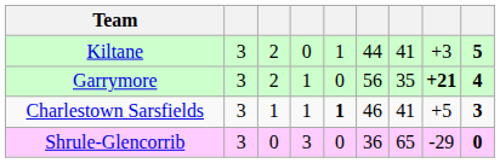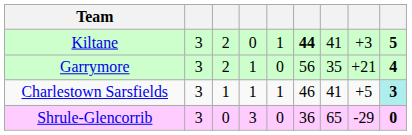 <table class="wikitable" style="text-align:center">
 <tr>
 <th style="width:175px;">Team</th>
 <th width="20"></th>
 <th width="20"></th>
 <th width="20"></th>
 <th width="20"></th>
 <th width="20"></th>
 <th width="20"></th>
 <th width="20"></th>
 <th width="20"></th>
 </tr>
 <tr style="background:#cfc;">
 <td><a href='#'>Kiltane</a></td>
 <td>3</td>
 <td>2</td>
 <td>0</td>
 <td>1</td>
-<td>44</td>
+<td><strong>44</strong></td>
 <td>41</td>
 <td>+3</td>
 <td><strong>5</strong></td>
 </tr>
 <tr style="background:#cfc;">
 <td><a href='#'>Garrymore</a></td>
 <td>3</td>
 <td>2</td>
 <td>1</td>
 <td>0</td>
 <td>56</td>
 <td>35</td>
-<td><strong>+21</strong></td>
+<td>+21</td>
 <td><strong>4</strong></td>
 </tr>
 <tr>
 <td><a href='#'>Charlestown Sarsfields</a></td>
 <td>3</td>
 <td>1</td>
 <td>1</td>
-<td><strong>1</strong></td>
+<td>1</td>
 <td>46</td>
 <td>41</td>
 <td>+5</td>
-<td><strong>3</strong></td>
+<td style="background: paleturquoise;"><strong>3</strong></td>
 </tr>
 <tr style="background:#fcf;">
 <td><a href='#'>Shrule-Glencorrib</a></td>
 <td>3</td>
 <td>0</td>
 <td>3</td>
 <td>0</td>
 <td>36</td>
 <td>65</td>
 <td>-29</td>
 <td><strong>0</strong></td>
 </tr>
 </table>
